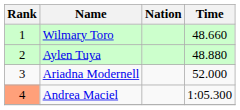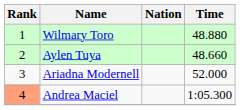 <table class="wikitable" style="text-align:center">
 <tr>
 <th>Rank</th>
 <th>Name</th>
 <th>Nation</th>
 <th>Time</th>
 </tr>
 <tr bgcolor=ccffcc>
 <td>1</td>
 <td align=left><a href='#'>Wilmary Toro</a></td>
 <td align=left></td>
-<td>48.660</td>
+<td>48.880</td>
 </tr>
 <tr bgcolor=ccffcc>
 <td>2</td>
 <td align=left><a href='#'>Aylen Tuya</a></td>
 <td align=left></td>
-<td>48.880</td>
+<td>48.660</td>
 </tr>
 <tr>
 <td>3</td>
 <td align=left><a href='#'>Ariadna Modernell</a></td>
 <td align=left></td>
 <td>52.000</td>
 </tr>
 <tr>
 <td style="background: lightsalmon;">4</td>
 <td align=left><a href='#'>Andrea Maciel</a></td>
 <td align=left></td>
 <td>1:05.300</td>
 </tr>
 <tr>
 </tr>
 </table>
